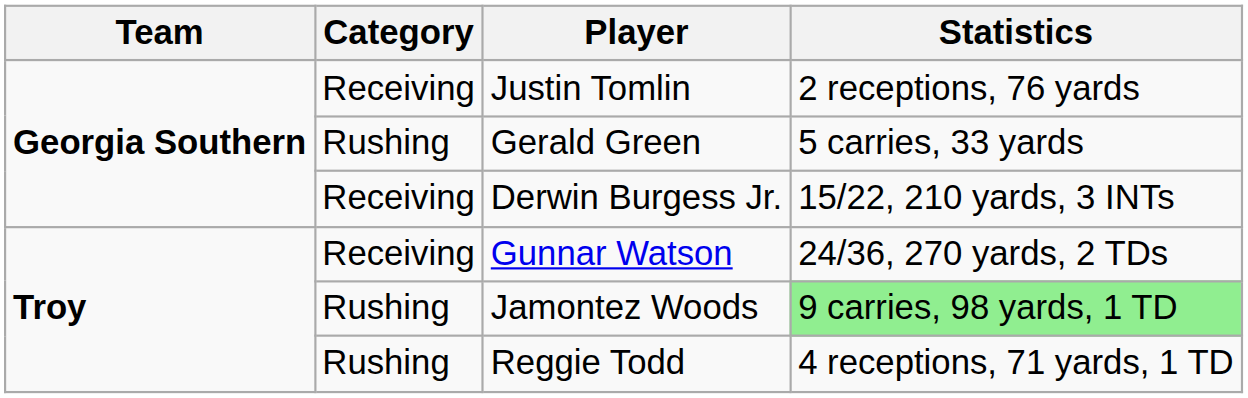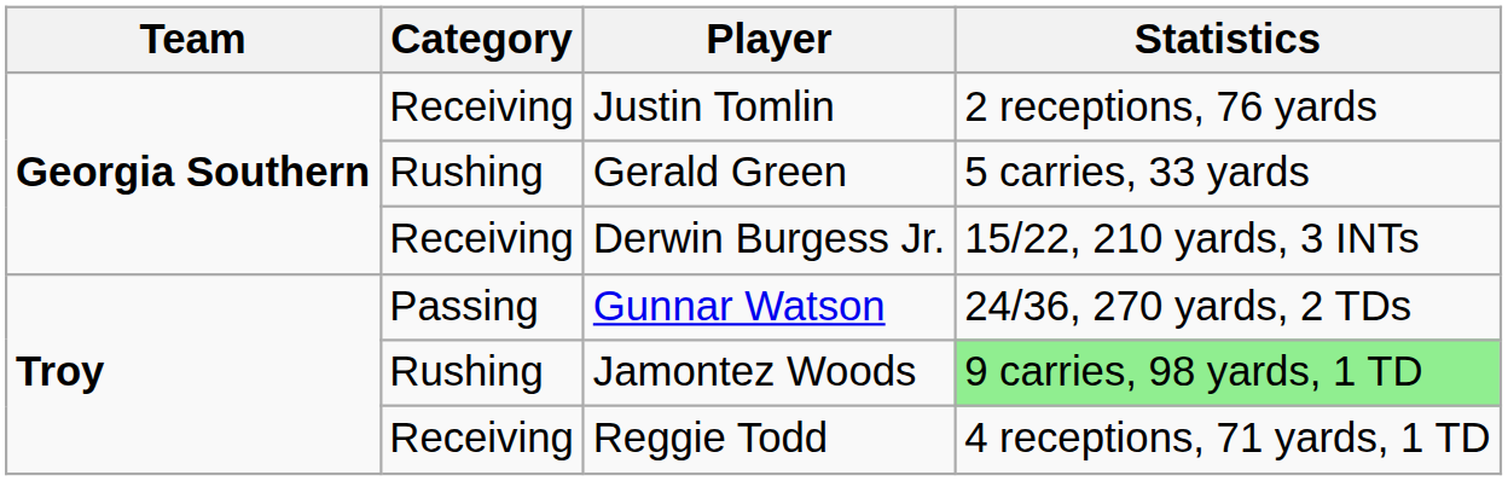 <table class="wikitable" style="float: left;">
 <tr>
 <th>Team</th>
 <th>Category</th>
 <th>Player</th>
 <th>Statistics</th>
 </tr>
 <tr>
 <td rowspan=3><strong>Georgia Southern</strong></td>
 <td>Receiving</td>
 <td>Justin Tomlin</td>
 <td>2 receptions, 76 yards</td>
 </tr>
 <tr>
 <td>Rushing</td>
 <td>Gerald Green</td>
 <td>5 carries, 33 yards</td>
 </tr>
 <tr>
 <td>Receiving</td>
 <td>Derwin Burgess Jr.</td>
 <td>15/22, 210 yards, 3 INTs</td>
 </tr>
 <tr>
 <td rowspan=3><strong>Troy</strong></td>
-<td>Receiving</td>
+<td>Passing</td>
 <td><a href='#'>Gunnar Watson</a></td>
 <td>24/36, 270 yards, 2 TDs</td>
 </tr>
 <tr>
 <td>Rushing</td>
 <td>Jamontez Woods</td>
 <td style="background: lightgreen;">9 carries, 98 yards, 1 TD</td>
 </tr>
 <tr>
-<td>Rushing</td>
+<td>Receiving</td>
 <td>Reggie Todd</td>
 <td>4 receptions, 71 yards, 1 TD</td>
 </tr>
 </table>
